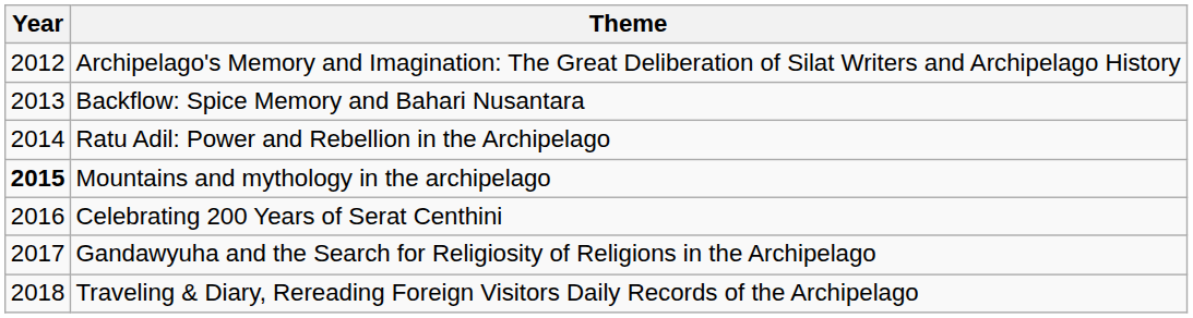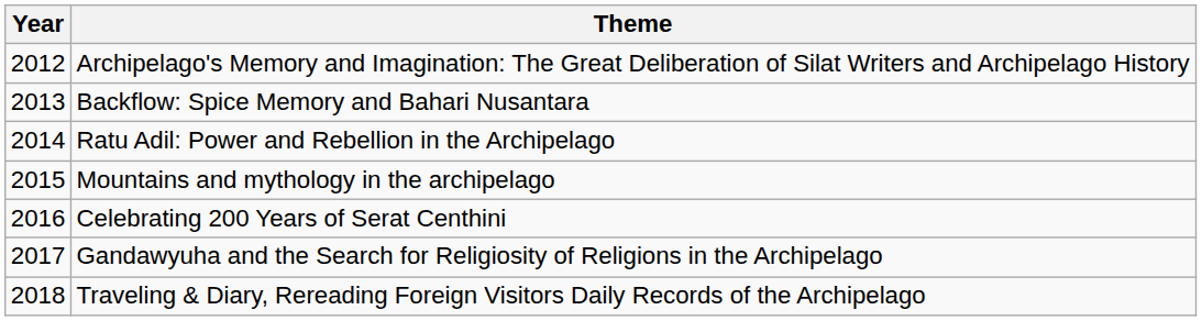 <table class="wikitable">
 <tr>
 <th>Year</th>
 <th>Theme</th>
 </tr>
 <tr>
 <td>2012</td>
 <td>Archipelago's Memory and Imagination: The Great Deliberation of Silat Writers and Archipelago History</td>
 </tr>
 <tr>
 <td>2013</td>
 <td>Backflow: Spice Memory and Bahari Nusantara</td>
 </tr>
 <tr>
 <td>2014</td>
 <td>Ratu Adil: Power and Rebellion in the Archipelago</td>
 </tr>
 <tr>
-<td><strong>2015</strong></td>
+<td>2015</td>
 <td>Mountains and mythology in the archipelago</td>
 </tr>
 <tr>
 <td>2016</td>
 <td>Celebrating 200 Years of Serat Centhini</td>
 </tr>
 <tr>
 <td>2017</td>
 <td>Gandawyuha and the Search for Religiosity of Religions in the Archipelago</td>
 </tr>
 <tr>
 <td>2018</td>
 <td>Traveling & Diary, Rereading Foreign Visitors Daily Records of the Archipelago</td>
 </tr>
 </table>
